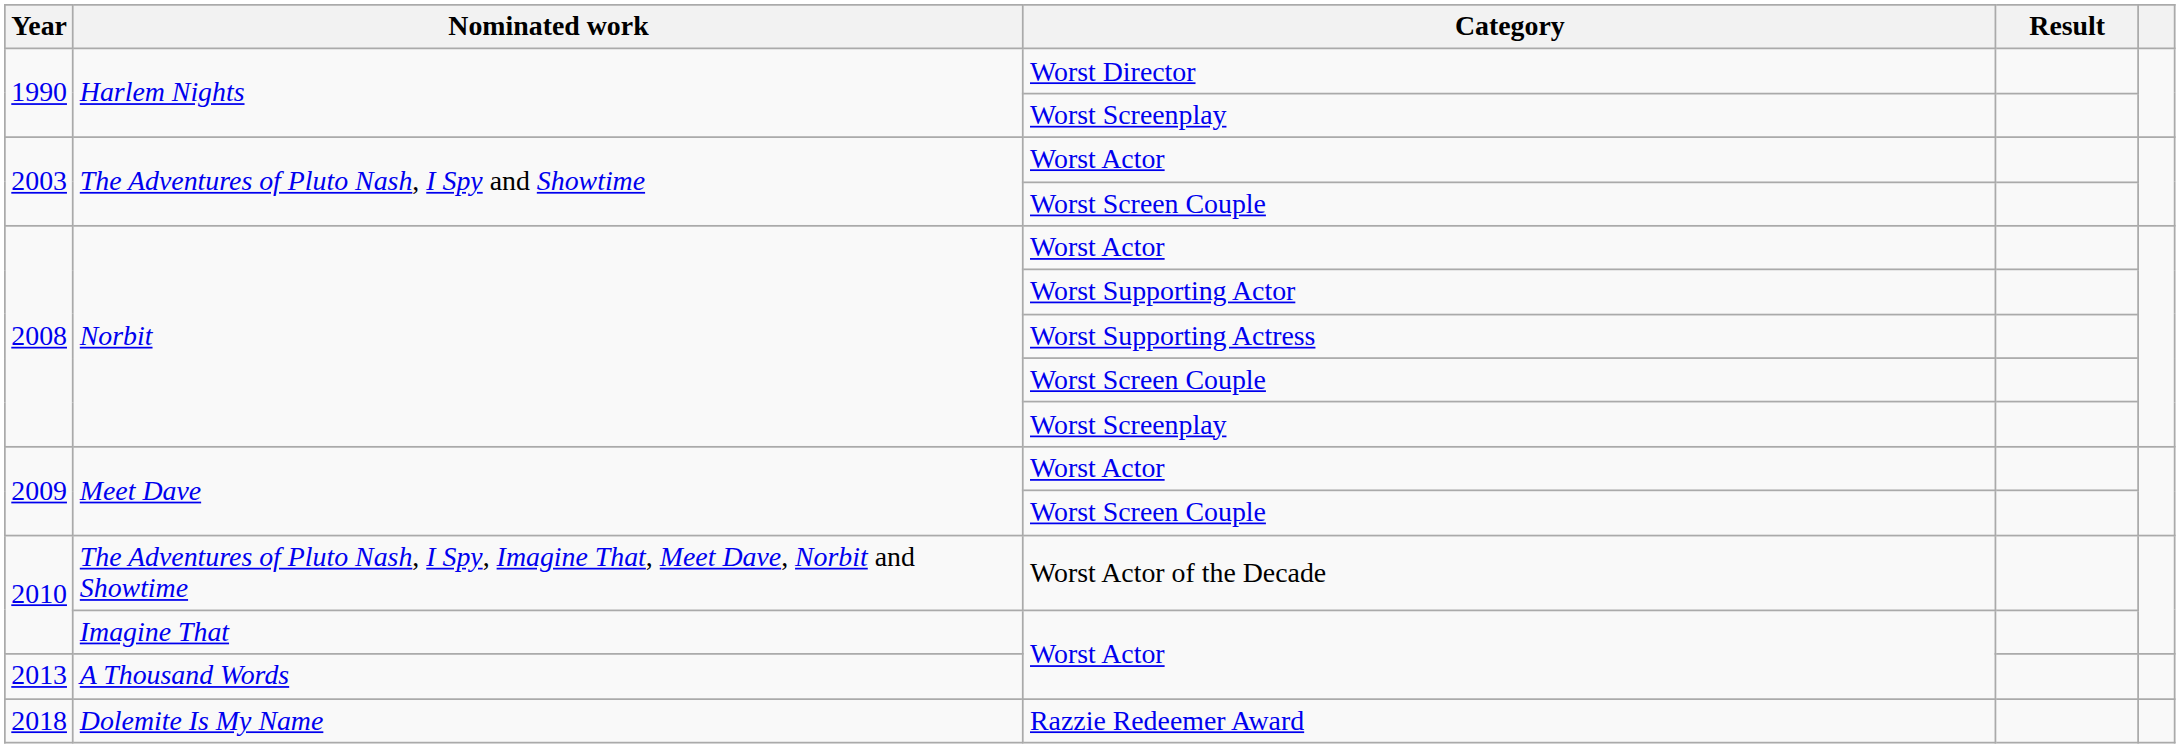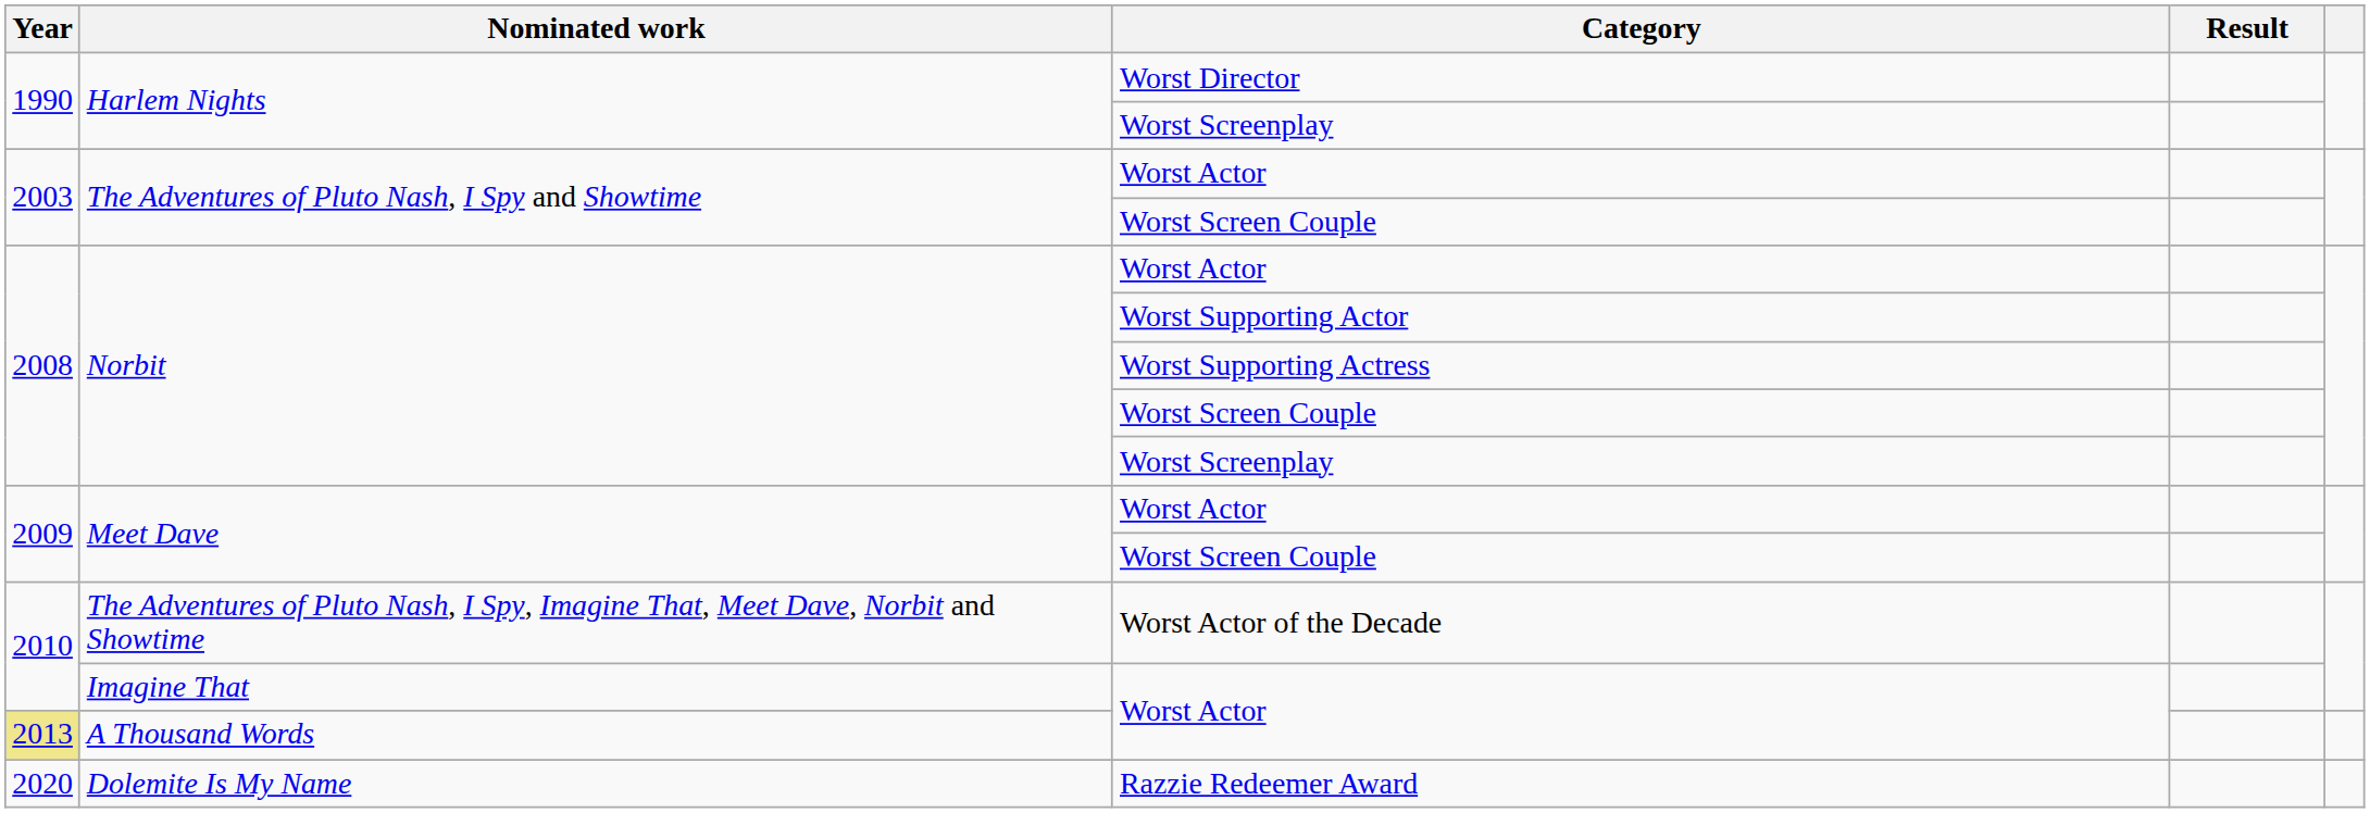 <table class="wikitable sortable">
 <tr>
 <th scope="col" style="width:1em;">Year</th>
 <th scope="col" style="width:39em;">Nominated work</th>
 <th scope="col" style="width:40em;">Category</th>
 <th scope="col" style="width:5em;">Result</th>
 <th scope="col" style="width:1em;"class="unsortable"></th>
 </tr>
 <tr>
 <td rowspan="2"><a href='#'>1990</a></td>
 <td rowspan="2"><em><a href='#'>Harlem Nights</a></em></td>
 <td><a href='#'>Worst Director</a></td>
 <td></td>
 <td rowspan="2"></td>
 </tr>
 <tr>
 <td><a href='#'>Worst Screenplay</a></td>
 <td></td>
 </tr>
 <tr>
 <td rowspan="2"><a href='#'>2003</a></td>
 <td rowspan="2"><em><a href='#'>The Adventures of Pluto Nash</a></em>, <em><a href='#'>I Spy</a></em> and <em><a href='#'>Showtime</a></em></td>
 <td><a href='#'>Worst Actor</a></td>
 <td></td>
 <td rowspan="2"></td>
 </tr>
 <tr>
 <td><a href='#'>Worst Screen Couple</a></td>
 <td></td>
 </tr>
 <tr>
 <td rowspan="5"><a href='#'>2008</a></td>
 <td rowspan="5"><em><a href='#'>Norbit</a></em></td>
 <td><a href='#'>Worst Actor</a></td>
 <td></td>
 <td rowspan="5"></td>
 </tr>
 <tr>
 <td><a href='#'>Worst Supporting Actor</a></td>
 <td></td>
 </tr>
 <tr>
 <td><a href='#'>Worst Supporting Actress</a></td>
 <td></td>
 </tr>
 <tr>
 <td><a href='#'>Worst Screen Couple</a></td>
 <td></td>
 </tr>
 <tr>
 <td><a href='#'>Worst Screenplay</a></td>
 <td></td>
 </tr>
 <tr>
 <td rowspan="2"><a href='#'>2009</a></td>
 <td rowspan="2"><em><a href='#'>Meet Dave</a></em></td>
 <td><a href='#'>Worst Actor</a></td>
 <td></td>
 <td rowspan="2"></td>
 </tr>
 <tr>
 <td><a href='#'>Worst Screen Couple</a></td>
 <td></td>
 </tr>
 <tr>
 <td rowspan="2"><a href='#'>2010</a></td>
 <td><em><a href='#'>The Adventures of Pluto Nash</a></em>, <em><a href='#'>I Spy</a></em>, <em><a href='#'>Imagine That</a></em>, <em><a href='#'>Meet Dave</a></em>, <em><a href='#'>Norbit</a></em> and <em><a href='#'>Showtime</a></em></td>
 <td>Worst Actor of the Decade</td>
 <td></td>
 <td rowspan="2"></td>
 </tr>
 <tr>
 <td><em><a href='#'>Imagine That</a></em></td>
 <td rowspan="2"><a href='#'>Worst Actor</a></td>
 <td></td>
 </tr>
 <tr>
-<td><a href='#'>2013</a></td>
+<td style="background: khaki;"><a href='#'>2013</a></td>
 <td><em><a href='#'>A Thousand Words</a></em></td>
 <td></td>
 <td></td>
 </tr>
 <tr>
-<td><a href='#'>2018</a></td>
+<td><a href='#'>2020</a></td>
 <td><em><a href='#'>Dolemite Is My Name</a></em></td>
 <td><a href='#'>Razzie Redeemer Award</a></td>
 <td></td>
 <td></td>
 </tr>
 </table>
